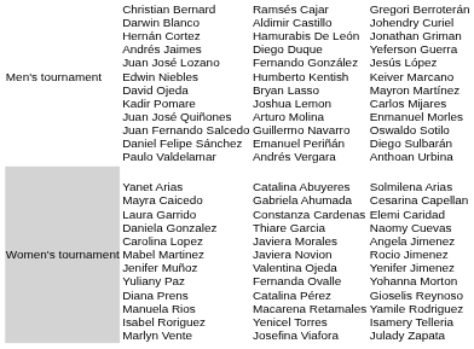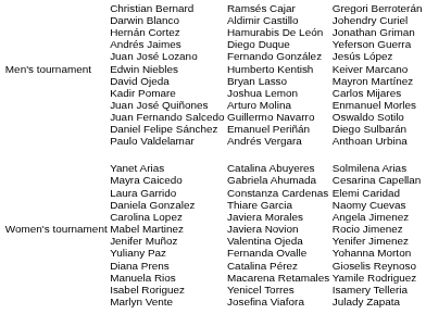 <table>
 <tr>
 <td>Men's tournament</td>
 <td nowrap><br>Christian Bernard<br>Darwin Blanco<br>Hernán Cortez<br>Andrés Jaimes<br>Juan José Lozano<br>Edwin Niebles<br>David Ojeda<br>Kadir Pomare<br>Juan José Quiñones<br>Juan Fernando Salcedo<br>Daniel Felipe Sánchez<br>Paulo Valdelamar</td>
 <td><br>Ramsés Cajar<br>Aldimir Castillo<br>Hamurabis De León<br>Diego Duque<br>Fernando González<br>Humberto Kentish<br>Bryan Lasso<br>Joshua Lemon<br>Arturo Molina<br>Guillermo Navarro<br>Emanuel Periñán<br>Andrés Vergara</td>
 <td><br>Gregori Berroterán<br>Johendry Curiel<br>Jonathan Griman<br>Yeferson Guerra<br>Jesús López<br>Keiver Marcano<br>Mayron Martínez<br>Carlos Mijares<br>Enmanuel Morles<br>Oswaldo Sotilo<br>Diego Sulbarán<br>Anthoan Urbina</td>
 </tr>
 <tr>
-<td style="background: lightgrey;">Women's tournament</td>
+<td>Women's tournament</td>
 <td><br>Yanet Arias<br>Mayra Caicedo<br>Laura Garrido<br>Daniela Gonzalez<br>Carolina Lopez<br>Mabel Martinez<br>Jenifer Muñoz<br>Yuliany Paz<br>Diana Prens<br>Manuela Rios<br>Isabel Roriguez<br>Marlyn Vente</td>
 <td nowrap><br>Catalina Abuyeres<br>Gabriela Ahumada<br>Constanza Cardenas<br>Thiare Garcia<br>Javiera Morales<br>Javiera Novion<br>Valentina Ojeda<br>Fernanda Ovalle<br>Catalina Pérez<br>Macarena Retamales<br>Yenicel Torres<br>Josefina Viafora</td>
 <td nowrap><br>Solmilena Arias<br>Cesarina Capellan<br>Elemi Caridad<br>Naomy Cuevas<br>Angela Jimenez<br>Rocio Jimenez<br>Yenifer Jimenez<br>Yohanna Morton<br>Gioselis Reynoso<br>Yamile Rodriguez<br>Isamery Telleria<br>Julady Zapata</td>
 </tr>
 </table>
